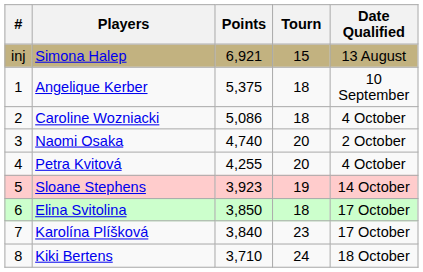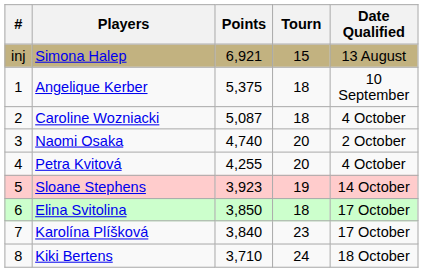 <table class="sortable wikitable"  style="float:right; text-align:center; font-size:90%; text:justify; margin-left:10px; margin-bottom:10px;">
 <tr>
 <th width=20>#</th>
 <th width=175>Players</th>
 <th width=50>Points</th>
 <th width=50>Tourn</th>
 <th width=80>Date Qualified</th>
 </tr>
 <tr style="background:#C2B280;">
 <td>inj</td>
 <td align=left> <a href='#'>Simona Halep</a></td>
 <td>6,921</td>
 <td>15</td>
 <td>13 August</td>
 </tr>
 <tr>
 <td>1</td>
 <td align=left> <a href='#'>Angelique Kerber</a></td>
 <td>5,375</td>
 <td>18</td>
 <td>10 September</td>
 </tr>
 <tr>
 <td>2</td>
 <td align=left> <a href='#'>Caroline Wozniacki</a></td>
-<td>5,086</td>
+<td>5,087</td>
 <td>18</td>
 <td>4 October</td>
 </tr>
 <tr>
 <td>3</td>
 <td align=left> <a href='#'>Naomi Osaka</a></td>
 <td>4,740</td>
 <td>20</td>
 <td>2 October</td>
 </tr>
 <tr>
 <td>4</td>
 <td align=left> <a href='#'>Petra Kvitová</a></td>
 <td>4,255</td>
 <td>20</td>
 <td>4 October</td>
 </tr>
 <tr style="background:#fcc;">
 <td>5</td>
 <td align=left> <a href='#'>Sloane Stephens</a></td>
 <td>3,923</td>
 <td>19</td>
 <td>14 October</td>
 </tr>
 <tr style="background:#cfc;">
 <td>6</td>
 <td align=left> <a href='#'>Elina Svitolina</a></td>
 <td>3,850</td>
 <td>18</td>
 <td>17 October</td>
 </tr>
 <tr>
 <td>7</td>
 <td align=left> <a href='#'>Karolína Plíšková</a></td>
 <td>3,840</td>
 <td>23</td>
 <td>17 October</td>
 </tr>
 <tr>
 <td>8</td>
 <td align=left> <a href='#'>Kiki Bertens</a></td>
 <td>3,710</td>
 <td>24</td>
 <td>18 October</td>
 </tr>
 </table>
